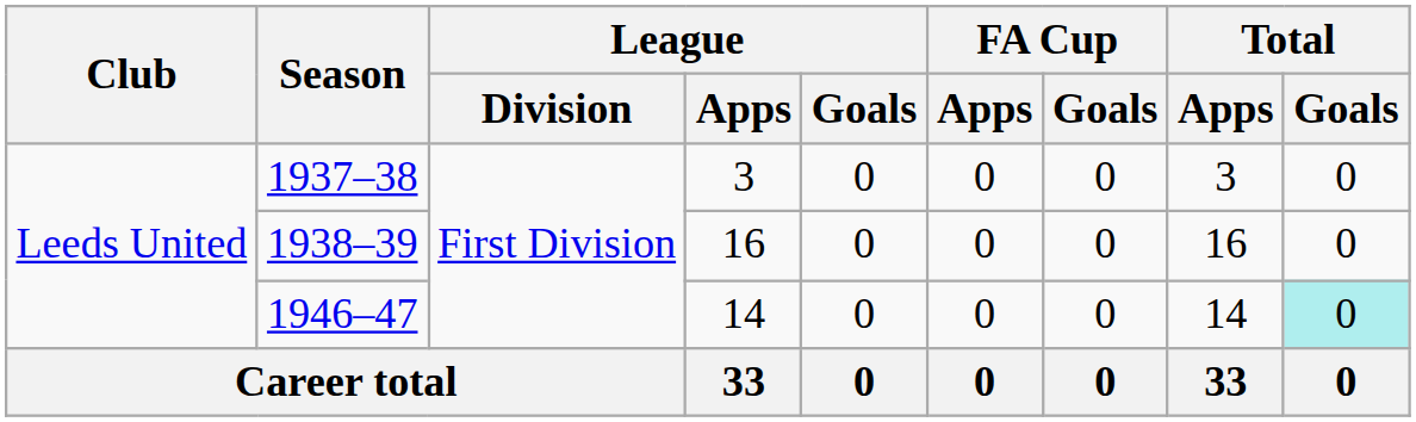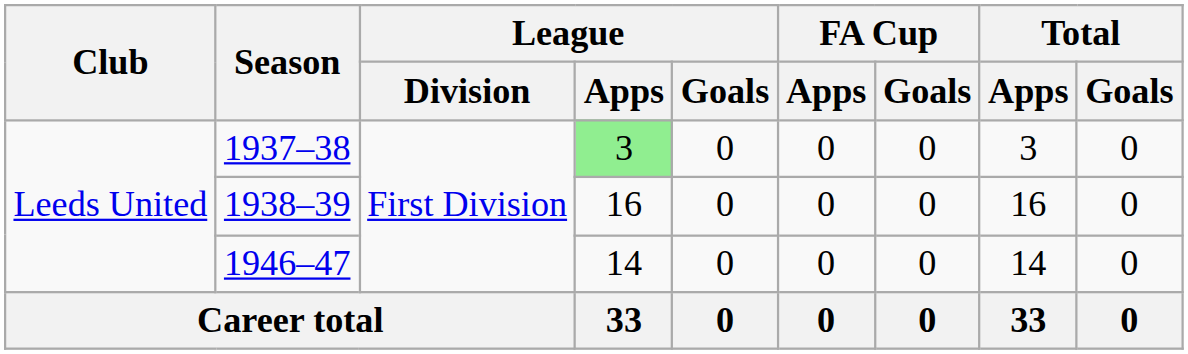 <table class="wikitable" style="text-align: center;">
 <tr>
 <th rowspan="2">Club</th>
 <th rowspan="2">Season</th>
 <th colspan="3">League</th>
 <th colspan="2">FA Cup</th>
 <th colspan="2">Total</th>
 </tr>
 <tr>
 <th>Division</th>
 <th>Apps</th>
 <th>Goals</th>
 <th>Apps</th>
 <th>Goals</th>
 <th>Apps</th>
 <th>Goals</th>
 </tr>
 <tr>
 <td rowspan="3"><a href='#'>Leeds United</a></td>
 <td><a href='#'>1937–38</a></td>
 <td rowspan="3"><a href='#'>First Division</a></td>
-<td>3</td>
+<td style="background: lightgreen;">3</td>
 <td>0</td>
 <td>0</td>
 <td>0</td>
 <td>3</td>
 <td>0</td>
 </tr>
 <tr>
 <td><a href='#'>1938–39</a></td>
 <td>16</td>
 <td>0</td>
 <td>0</td>
 <td>0</td>
 <td>16</td>
 <td>0</td>
 </tr>
 <tr>
 <td><a href='#'>1946–47</a></td>
 <td>14</td>
 <td>0</td>
 <td>0</td>
 <td>0</td>
 <td>14</td>
-<td style="background: paleturquoise;">0</td>
+<td>0</td>
 </tr>
 <tr>
 <th colspan="3">Career total</th>
 <th>33</th>
 <th>0</th>
 <th>0</th>
 <th>0</th>
 <th>33</th>
 <th>0</th>
 </tr>
 </table>
